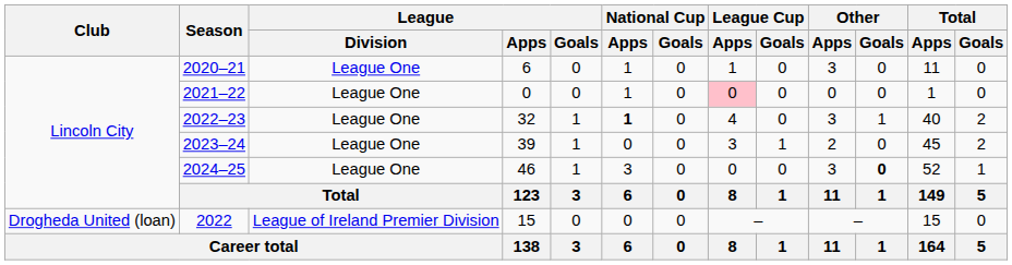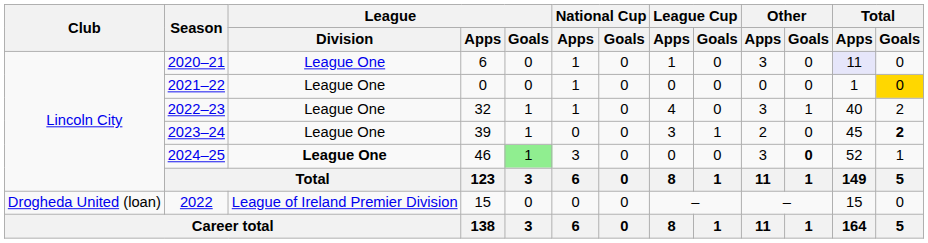 <table class="wikitable" style="text-align:center;">
 <tr>
 <th rowspan="2">Club</th>
 <th rowspan="2">Season</th>
 <th colspan="3">League</th>
 <th colspan="2">National Cup</th>
 <th colspan="2">League Cup</th>
 <th colspan="2">Other</th>
 <th colspan="2">Total</th>
 </tr>
 <tr>
 <th>Division</th>
 <th>Apps</th>
 <th>Goals</th>
 <th>Apps</th>
 <th>Goals</th>
 <th>Apps</th>
 <th>Goals</th>
 <th>Apps</th>
 <th>Goals</th>
 <th>Apps</th>
 <th>Goals</th>
 </tr>
 <tr>
 <td rowspan=6><a href='#'>Lincoln City</a></td>
 <td><a href='#'>2020–21</a></td>
 <td><a href='#'>League One</a></td>
 <td>6</td>
 <td>0</td>
 <td>1</td>
 <td>0</td>
 <td>1</td>
 <td>0</td>
 <td>3</td>
 <td>0</td>
-<td>11</td>
+<td style="background: lavender;">11</td>
 <td>0</td>
 </tr>
 <tr>
 <td><a href='#'>2021–22</a></td>
 <td>League One</td>
 <td>0</td>
 <td>0</td>
 <td>1</td>
 <td>0</td>
-<td style="background: pink;">0</td>
+<td>0</td>
 <td>0</td>
 <td>0</td>
 <td>0</td>
 <td>1</td>
-<td>0</td>
+<td style="background: gold;">0</td>
 </tr>
 <tr>
 <td><a href='#'>2022–23</a></td>
 <td>League One</td>
 <td>32</td>
 <td>1</td>
-<td><strong>1</strong></td>
+<td>1</td>
 <td>0</td>
 <td>4</td>
 <td>0</td>
 <td>3</td>
 <td>1</td>
 <td>40</td>
 <td>2</td>
 </tr>
 <tr>
 <td><a href='#'>2023–24</a></td>
 <td>League One</td>
 <td>39</td>
 <td>1</td>
 <td>0</td>
 <td>0</td>
 <td>3</td>
 <td>1</td>
 <td>2</td>
 <td>0</td>
 <td>45</td>
-<td>2</td>
+<td><strong>2</strong></td>
 </tr>
 <tr>
 <td><a href='#'>2024–25</a></td>
-<td>League One</td>
+<td><strong>League One</strong></td>
 <td>46</td>
-<td>1</td>
+<td style="background: lightgreen;">1</td>
 <td>3</td>
 <td>0</td>
 <td>0</td>
 <td>0</td>
 <td>3</td>
 <td><strong>0</strong></td>
 <td>52</td>
 <td>1</td>
 </tr>
 <tr>
 <th colspan="2">Total</th>
 <th>123</th>
 <th>3</th>
 <th>6</th>
 <th>0</th>
 <th>8</th>
 <th>1</th>
 <th>11</th>
 <th>1</th>
 <th>149</th>
 <th>5</th>
 </tr>
 <tr>
 <td><a href='#'>Drogheda United</a> (loan)</td>
 <td><a href='#'>2022</a></td>
 <td><a href='#'>League of Ireland Premier Division</a></td>
 <td>15</td>
 <td>0</td>
 <td>0</td>
 <td>0</td>
 <td colspan="2">–</td>
 <td colspan="2">–</td>
 <td>15</td>
 <td>0</td>
 </tr>
 <tr>
 <th colspan="3">Career total</th>
 <th>138</th>
 <th>3</th>
 <th>6</th>
 <th>0</th>
 <th>8</th>
 <th>1</th>
 <th>11</th>
 <th>1</th>
 <th>164</th>
 <th>5</th>
 </tr>
 </table>
